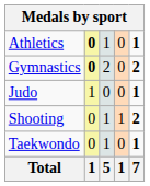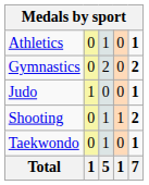 <table class="wikitable" style="font-size:90%; text-align:center;">
 <tr>
 <th colspan="5">Medals by sport</th>
 </tr>
 <tr>
 <td align="left"><a href='#'>Athletics</a></td>
-<td style="background:#F7F6A8;"><strong>0</strong></td>
+<td style="background:#F7F6A8;">0</td>
 <td style="background:#DCE5E5;">1</td>
 <td style="background:#FFDAB9;">0</td>
 <td><strong>1</strong></td>
 </tr>
 <tr>
 <td align="left"><a href='#'>Gymnastics</a></td>
-<td style="background:#F7F6A8;"><strong>0</strong></td>
+<td style="background:#F7F6A8;">0</td>
 <td style="background:#DCE5E5;">2</td>
 <td style="background:#FFDAB9;">0</td>
 <td><strong>2</strong></td>
 </tr>
 <tr>
 <td align="left"><a href='#'>Judo</a></td>
 <td style="background:#F7F6A8;">1</td>
 <td style="background:#DCE5E5;">0</td>
 <td style="background:#FFDAB9;">0</td>
 <td><strong>1</strong></td>
 </tr>
 <tr>
 <td align="left"><a href='#'>Shooting</a></td>
 <td style="background:#F7F6A8;">0</td>
 <td style="background:#DCE5E5;">1</td>
 <td style="background:#FFDAB9;">1</td>
 <td><strong>2</strong></td>
 </tr>
 <tr>
 <td align="left"><a href='#'>Taekwondo</a></td>
 <td style="background:#F7F6A8;">0</td>
 <td style="background:#DCE5E5;">1</td>
 <td style="background:#FFDAB9;">0</td>
 <td><strong>1</strong></td>
 </tr>
 <tr class="sortbottom">
 <th>Total</th>
 <th>1</th>
 <th>5</th>
 <th>1</th>
 <th>7</th>
 </tr>
 </table>
